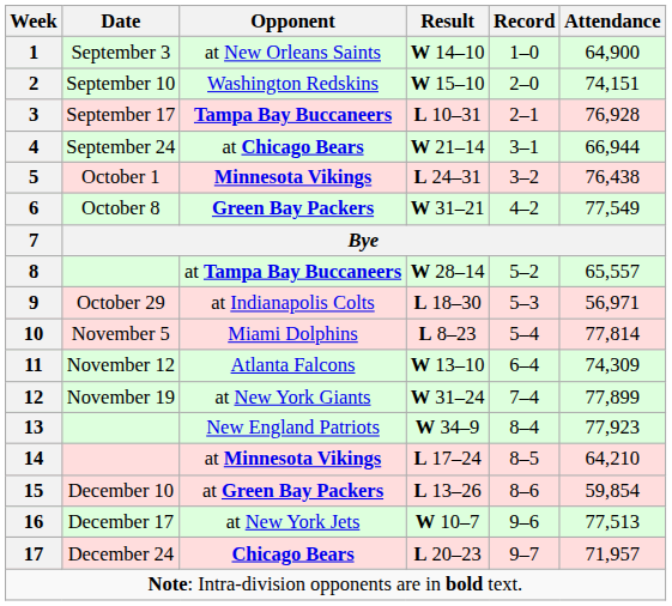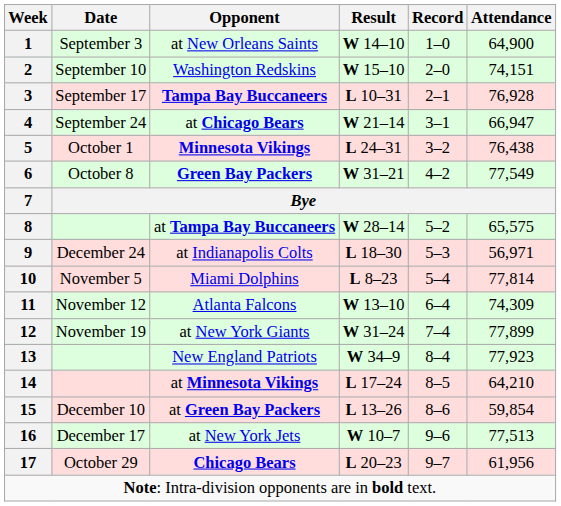 <table class="wikitable" style="text-align:center">
 <tr>
 <th>Week</th>
 <th>Date</th>
 <th>Opponent</th>
 <th>Result</th>
 <th>Record</th>
 <th>Attendance</th>
 </tr>
 <tr style="background:#ddffdd">
 <th>1</th>
 <td>September 3</td>
 <td>at <a href='#'>New Orleans Saints</a></td>
 <td><strong>W</strong> 14–10</td>
 <td>1–0</td>
 <td>64,900</td>
 </tr>
 <tr style="background:#ddffdd">
 <th>2</th>
 <td>September 10</td>
 <td><a href='#'>Washington Redskins</a></td>
 <td><strong>W</strong> 15–10</td>
 <td>2–0</td>
 <td>74,151</td>
 </tr>
 <tr style="background:#ffdddd">
 <th>3</th>
 <td>September 17</td>
 <td><strong><a href='#'>Tampa Bay Buccaneers</a></strong></td>
 <td><strong>L</strong> 10–31</td>
 <td>2–1</td>
 <td>76,928</td>
 </tr>
 <tr style="background:#ddffdd">
 <th>4</th>
 <td>September 24</td>
 <td>at <strong><a href='#'>Chicago Bears</a></strong></td>
 <td><strong>W</strong> 21–14</td>
 <td>3–1</td>
-<td>66,944</td>
+<td>66,947</td>
 </tr>
 <tr style="background:#ffdddd">
 <th>5</th>
 <td>October 1</td>
 <td><strong><a href='#'>Minnesota Vikings</a></strong></td>
 <td><strong>L</strong> 24–31</td>
 <td>3–2</td>
 <td>76,438</td>
 </tr>
 <tr style="background:#ddffdd">
 <th>6</th>
 <td>October 8</td>
 <td><strong><a href='#'>Green Bay Packers</a></strong></td>
 <td><strong>W</strong> 31–21</td>
 <td>4–2</td>
 <td>77,549</td>
 </tr>
 <tr>
 <th>7</th>
 <th colspan="5"><em>Bye</em></th>
 </tr>
 <tr style="background:#ddffdd">
 <th>8</th>
 <td></td>
 <td>at <strong><a href='#'>Tampa Bay Buccaneers</a></strong></td>
 <td><strong>W</strong> 28–14</td>
 <td>5–2</td>
-<td>65,557</td>
+<td>65,575</td>
 </tr>
 <tr style="background:#ffdddd">
 <th>9</th>
-<td>October 29</td>
+<td>December 24</td>
 <td>at <a href='#'>Indianapolis Colts</a></td>
 <td><strong>L</strong> 18–30</td>
 <td>5–3</td>
 <td>56,971</td>
 </tr>
 <tr style="background:#ffdddd">
 <th>10</th>
 <td>November 5</td>
 <td><a href='#'>Miami Dolphins</a></td>
 <td><strong>L</strong> 8–23</td>
 <td>5–4</td>
 <td>77,814</td>
 </tr>
 <tr style="background:#ddffdd">
 <th>11</th>
 <td>November 12</td>
 <td><a href='#'>Atlanta Falcons</a></td>
 <td><strong>W</strong> 13–10</td>
 <td>6–4</td>
 <td>74,309</td>
 </tr>
 <tr style="background:#ddffdd">
 <th>12</th>
 <td>November 19</td>
 <td>at <a href='#'>New York Giants</a></td>
 <td><strong>W</strong> 31–24</td>
 <td>7–4</td>
 <td>77,899</td>
 </tr>
 <tr style="background:#ddffdd">
 <th>13</th>
 <td></td>
 <td><a href='#'>New England Patriots</a></td>
 <td><strong>W</strong> 34–9</td>
 <td>8–4</td>
 <td>77,923</td>
 </tr>
 <tr style="background:#ffdddd">
 <th>14</th>
 <td></td>
 <td>at <strong><a href='#'>Minnesota Vikings</a></strong></td>
 <td><strong>L</strong> 17–24</td>
 <td>8–5</td>
 <td>64,210</td>
 </tr>
 <tr style="background:#ffdddd">
 <th>15</th>
 <td>December 10</td>
 <td>at <strong><a href='#'>Green Bay Packers</a></strong></td>
 <td><strong>L</strong> 13–26</td>
 <td>8–6</td>
 <td>59,854</td>
 </tr>
 <tr style="background:#ddffdd">
 <th>16</th>
 <td>December 17</td>
 <td>at <a href='#'>New York Jets</a></td>
 <td><strong>W</strong> 10–7</td>
 <td>9–6</td>
 <td>77,513</td>
 </tr>
 <tr style="background:#ffdddd">
 <th>17</th>
-<td>December 24</td>
+<td>October 29</td>
 <td><strong><a href='#'>Chicago Bears</a></strong></td>
 <td><strong>L</strong> 20–23</td>
 <td>9–7</td>
-<td>71,957</td>
+<td>61,956</td>
 </tr>
 <tr>
 <td colspan="6"><strong>Note</strong>: Intra-division opponents are in <strong>bold</strong> text.</td>
 </tr>
 </table>
